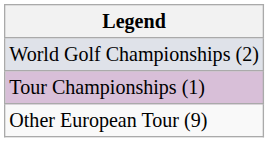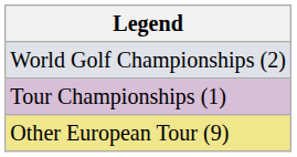 <table class="wikitable" style="font-size:95%;">
 <tr>
 <th>Legend</th>
 </tr>
 <tr style="background:#dfe2e9;">
 <td>World Golf Championships (2)</td>
 </tr>
 <tr style="background:thistle">
 <td>Tour Championships (1)</td>
 </tr>
 <tr>
-<td>Other European Tour (9)</td>
+<td style="background: khaki;">Other European Tour (9)</td>
 </tr>
 </table>
